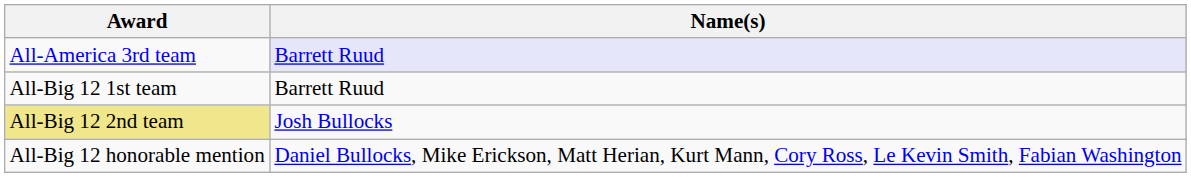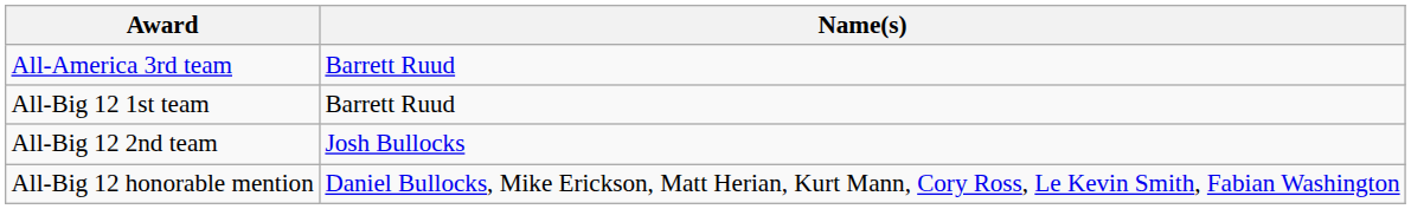 <table class="wikitable">
 <tr>
 <th>Award</th>
 <th>Name(s)</th>
 </tr>
 <tr>
 <td><a href='#'>All-America 3rd team</a></td>
-<td style="background: lavender;"><a href='#'>Barrett Ruud</a></td>
+<td><a href='#'>Barrett Ruud</a></td>
 </tr>
 <tr>
 <td>All-Big 12 1st team</td>
 <td>Barrett Ruud</td>
 </tr>
 <tr>
-<td style="background: khaki;">All-Big 12 2nd team</td>
+<td>All-Big 12 2nd team</td>
 <td><a href='#'>Josh Bullocks</a></td>
 </tr>
 <tr>
 <td>All-Big 12 honorable mention</td>
 <td><a href='#'>Daniel Bullocks</a>, Mike Erickson, Matt Herian, Kurt Mann, <a href='#'>Cory Ross</a>, <a href='#'>Le Kevin Smith</a>, <a href='#'>Fabian Washington</a></td>
 </tr>
 </table>
